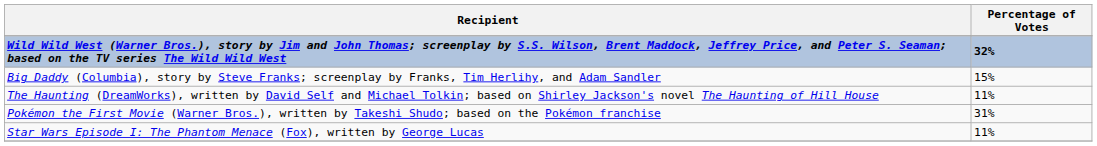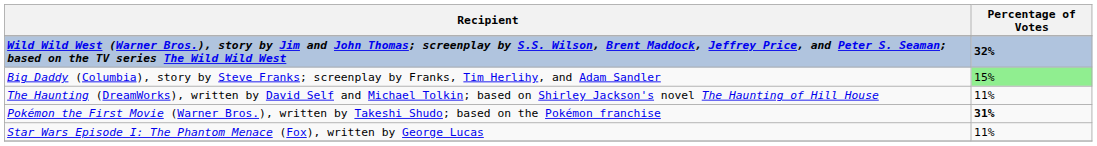 <table class="wikitable sortable plainrowheaders" align="centre">
 <tr>
 <th>Recipient</th>
 <th>Percentage of Votes</th>
 </tr>
 <tr>
 </tr>
 <tr style="background:#B0C4DE;">
 <td><strong><em><a href='#'>Wild Wild West</a><em> (<a href='#'>Warner Bros.</a>), story by <a href='#'>Jim</a> and <a href='#'>John Thomas</a>; screenplay by <a href='#'>S.S. Wilson</a>, <a href='#'>Brent Maddock</a>, <a href='#'>Jeffrey Price</a>, and <a href='#'>Peter S. Seaman</a>; based on the TV series </em><a href='#'>The Wild Wild West</a></em></strong></td>
 <td><strong>32%</strong></td>
 </tr>
 <tr>
 <td><em><a href='#'>Big Daddy</a></em> (<a href='#'>Columbia</a>), story by <a href='#'>Steve Franks</a>; screenplay by Franks, <a href='#'>Tim Herlihy</a>, and <a href='#'>Adam Sandler</a></td>
-<td>15%</td>
+<td style="background: lightgreen;">15%</td>
 </tr>
 <tr>
 <td><em><a href='#'>The Haunting</a></em> (<a href='#'>DreamWorks</a>), written by <a href='#'>David Self</a> and <a href='#'>Michael Tolkin</a>; based on <a href='#'>Shirley Jackson's</a> novel <em><a href='#'>The Haunting of Hill House</a></em></td>
 <td>11%</td>
 </tr>
 <tr>
 <td><em><a href='#'>Pokémon the First Movie</a></em> (<a href='#'>Warner Bros.</a>), written by <a href='#'>Takeshi Shudo</a>; based on the <a href='#'>Pokémon franchise</a></td>
-<td>31%</td>
+<td><strong>31%</strong></td>
 </tr>
 <tr>
 <td><em><a href='#'>Star Wars Episode I: The Phantom Menace</a></em> (<a href='#'>Fox</a>), written by <a href='#'>George Lucas</a></td>
 <td>11%</td>
 </tr>
 <tr>
 </tr>
 </table>
